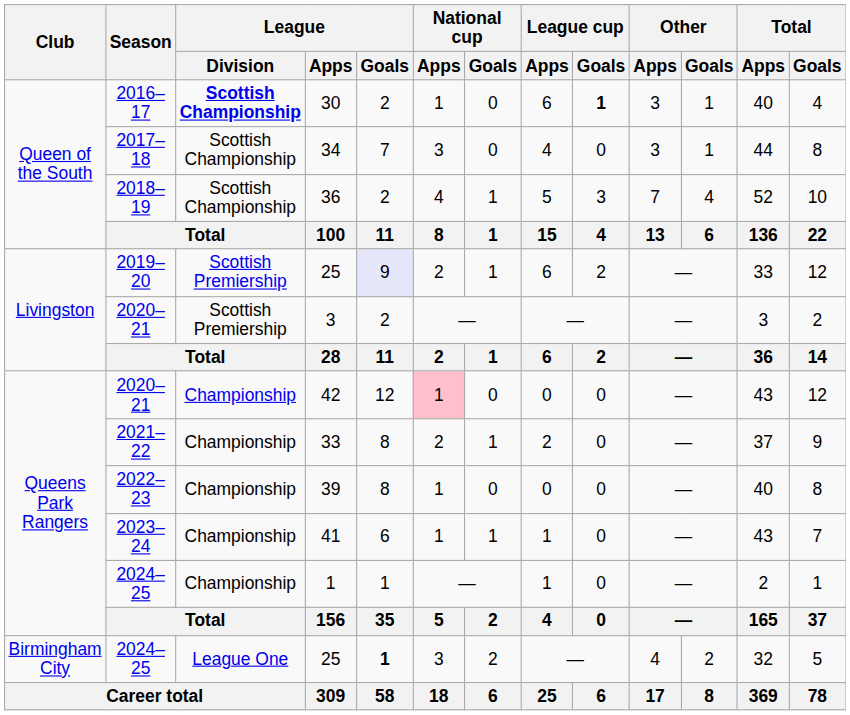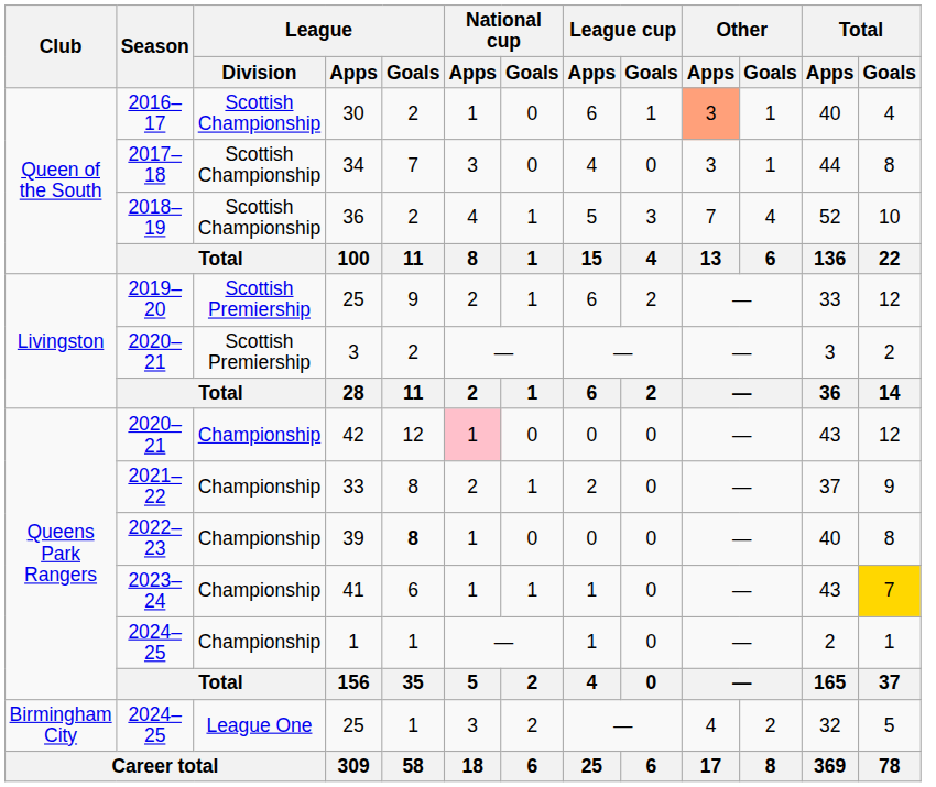 <table class="wikitable" style="text-align:center">
 <tr>
 <th rowspan="2">Club</th>
 <th rowspan="2">Season</th>
 <th colspan="3">League</th>
 <th colspan="2">National cup</th>
 <th colspan="2">League cup</th>
 <th colspan="2">Other</th>
 <th colspan="2">Total</th>
 </tr>
 <tr>
 <th>Division</th>
 <th>Apps</th>
 <th>Goals</th>
 <th>Apps</th>
 <th>Goals</th>
 <th>Apps</th>
 <th>Goals</th>
 <th>Apps</th>
 <th>Goals</th>
 <th>Apps</th>
 <th>Goals</th>
 </tr>
 <tr>
 <td rowspan="4"><a href='#'>Queen of the South</a></td>
 <td><a href='#'>2016–17</a></td>
-<td><strong><a href='#'>Scottish Championship</a></strong></td>
+<td><a href='#'>Scottish Championship</a></td>
 <td>30</td>
 <td>2</td>
 <td>1</td>
 <td>0</td>
 <td>6</td>
-<td><strong>1</strong></td>
-<td>3</td>
+<td>1</td>
+<td style="background: lightsalmon;">3</td>
 <td>1</td>
 <td>40</td>
 <td>4</td>
 </tr>
 <tr>
 <td><a href='#'>2017–18</a></td>
 <td>Scottish Championship</td>
 <td>34</td>
 <td>7</td>
 <td>3</td>
 <td>0</td>
 <td>4</td>
 <td>0</td>
 <td>3</td>
 <td>1</td>
 <td>44</td>
 <td>8</td>
 </tr>
 <tr>
 <td><a href='#'>2018–19</a></td>
 <td>Scottish Championship</td>
 <td>36</td>
 <td>2</td>
 <td>4</td>
 <td>1</td>
 <td>5</td>
 <td>3</td>
 <td>7</td>
 <td>4</td>
 <td>52</td>
 <td>10</td>
 </tr>
 <tr>
 <th colspan="2">Total</th>
 <th>100</th>
 <th>11</th>
 <th>8</th>
 <th>1</th>
 <th>15</th>
 <th>4</th>
 <th>13</th>
 <th>6</th>
 <th>136</th>
 <th>22</th>
 </tr>
 <tr>
 <td rowspan="3"><a href='#'>Livingston</a></td>
 <td><a href='#'>2019–20</a></td>
 <td><a href='#'>Scottish Premiership</a></td>
 <td>25</td>
-<td style="background: lavender;">9</td>
+<td>9</td>
 <td>2</td>
 <td>1</td>
 <td>6</td>
 <td>2</td>
 <td colspan="2">—</td>
 <td>33</td>
 <td>12</td>
 </tr>
 <tr>
 <td><a href='#'>2020–21</a></td>
 <td>Scottish Premiership</td>
 <td>3</td>
 <td>2</td>
 <td colspan="2">—</td>
 <td colspan="2">—</td>
 <td colspan="2">—</td>
 <td>3</td>
 <td>2</td>
 </tr>
 <tr>
 <th colspan="2">Total</th>
 <th>28</th>
 <th>11</th>
 <th>2</th>
 <th>1</th>
 <th>6</th>
 <th>2</th>
 <th colspan="2">—</th>
 <th>36</th>
 <th>14</th>
 </tr>
 <tr>
 <td rowspan="6"><a href='#'>Queens Park Rangers</a></td>
 <td><a href='#'>2020–21</a></td>
 <td><a href='#'>Championship</a></td>
 <td>42</td>
 <td>12</td>
 <td style="background: pink;">1</td>
 <td>0</td>
 <td>0</td>
 <td>0</td>
 <td colspan="2">—</td>
 <td>43</td>
 <td>12</td>
 </tr>
 <tr>
 <td><a href='#'>2021–22</a></td>
 <td>Championship</td>
 <td>33</td>
 <td>8</td>
 <td>2</td>
 <td>1</td>
 <td>2</td>
 <td>0</td>
 <td colspan="2">—</td>
 <td>37</td>
 <td>9</td>
 </tr>
 <tr>
 <td><a href='#'>2022–23</a></td>
 <td>Championship</td>
 <td>39</td>
-<td>8</td>
+<td><strong>8</strong></td>
 <td>1</td>
 <td>0</td>
 <td>0</td>
 <td>0</td>
 <td colspan="2">—</td>
 <td>40</td>
 <td>8</td>
 </tr>
 <tr>
 <td><a href='#'>2023–24</a></td>
 <td>Championship</td>
 <td>41</td>
 <td>6</td>
 <td>1</td>
 <td>1</td>
 <td>1</td>
 <td>0</td>
 <td colspan="2">—</td>
 <td>43</td>
-<td>7</td>
+<td style="background: gold;">7</td>
 </tr>
 <tr>
 <td><a href='#'>2024–25</a></td>
 <td>Championship</td>
 <td>1</td>
 <td>1</td>
 <td colspan="2">—</td>
 <td>1</td>
 <td>0</td>
 <td colspan="2">—</td>
 <td>2</td>
 <td>1</td>
 </tr>
 <tr>
 <th colspan="2">Total</th>
 <th>156</th>
 <th>35</th>
 <th>5</th>
 <th>2</th>
 <th>4</th>
 <th>0</th>
 <th colspan="2">—</th>
 <th>165</th>
 <th>37</th>
 </tr>
 <tr>
 <td><a href='#'>Birmingham City</a></td>
 <td><a href='#'>2024–25</a></td>
 <td><a href='#'>League One</a></td>
 <td>25</td>
-<td><strong>1</strong></td>
+<td>1</td>
 <td>3</td>
 <td>2</td>
 <td colspan="2">—</td>
 <td>4</td>
 <td>2</td>
 <td>32</td>
 <td>5</td>
 </tr>
 <tr>
 <th colspan="3">Career total</th>
 <th>309</th>
 <th>58</th>
 <th>18</th>
 <th>6</th>
 <th>25</th>
 <th>6</th>
 <th>17</th>
 <th>8</th>
 <th>369</th>
 <th>78</th>
 </tr>
 </table>
